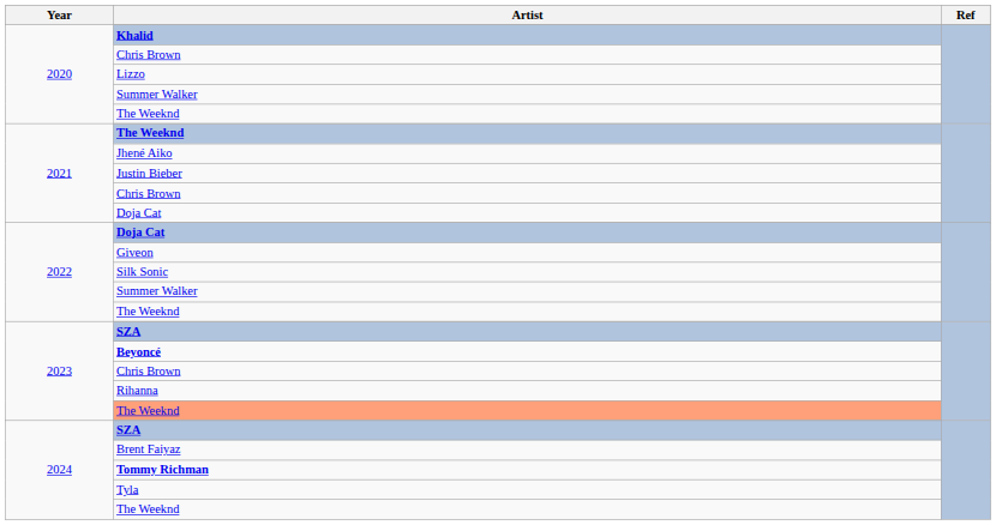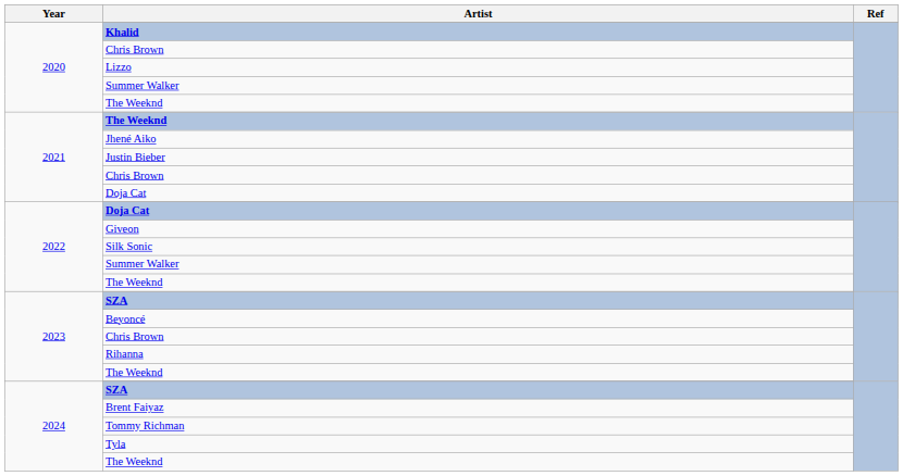 <table class="wikitable" style="width:100%;">
 <tr style="background:#bebebe;">
 <th style="width:11%;">Year</th>
 <th style="width:84%;">Artist</th>
 <th style="width:5%;">Ref</th>
 </tr>
 <tr>
 <td rowspan="6" align="center"><a href='#'>2020</a></td>
 </tr>
 <tr style="background:#B0C4DE">
 <td><strong><a href='#'>Khalid</a></strong></td>
 <td rowspan="6" align="center"></td>
 </tr>
 <tr>
 <td><a href='#'>Chris Brown</a></td>
 </tr>
 <tr>
 <td><a href='#'>Lizzo</a></td>
 </tr>
 <tr>
 <td><a href='#'>Summer Walker</a></td>
 </tr>
 <tr>
 <td><a href='#'>The Weeknd</a></td>
 </tr>
 <tr>
 <td rowspan="6" align="center"><a href='#'>2021</a></td>
 </tr>
 <tr style="background:#B0C4DE">
 <td><strong><a href='#'>The Weeknd</a></strong></td>
 <td rowspan="6" align="center"></td>
 </tr>
 <tr>
 <td><a href='#'>Jhené Aiko</a></td>
 </tr>
 <tr>
 <td><a href='#'>Justin Bieber</a></td>
 </tr>
 <tr>
 <td><a href='#'>Chris Brown</a></td>
 </tr>
 <tr>
 <td><a href='#'>Doja Cat</a></td>
 </tr>
 <tr>
 <td rowspan="6" align="center"><a href='#'>2022</a></td>
 </tr>
 <tr style="background:#B0C4DE">
 <td><strong><a href='#'>Doja Cat</a></strong></td>
 <td rowspan="6" align="center"></td>
 </tr>
 <tr>
 <td><a href='#'>Giveon</a></td>
 </tr>
 <tr>
 <td><a href='#'>Silk Sonic</a></td>
 </tr>
 <tr>
 <td><a href='#'>Summer Walker</a></td>
 </tr>
 <tr>
 <td><a href='#'>The Weeknd</a></td>
 </tr>
 <tr>
 <td rowspan="6" align="center"><a href='#'>2023</a></td>
 </tr>
 <tr style="background:#B0C4DE">
 <td><strong><a href='#'>SZA</a></strong></td>
 <td rowspan="6" align="center"></td>
 </tr>
 <tr>
-<td><strong><a href='#'>Beyoncé</a></strong></td>
+<td><a href='#'>Beyoncé</a></td>
 </tr>
 <tr>
 <td><a href='#'>Chris Brown</a></td>
 </tr>
 <tr>
 <td><a href='#'>Rihanna</a></td>
 </tr>
 <tr>
-<td style="background: lightsalmon;"><a href='#'>The Weeknd</a></td>
+<td><a href='#'>The Weeknd</a></td>
 </tr>
 <tr>
 <td rowspan="6" align="center"><a href='#'>2024</a></td>
 </tr>
 <tr style="background:#B0C4DE">
 <td><strong><a href='#'>SZA</a></strong></td>
 <td rowspan="6" align="center"></td>
 </tr>
 <tr>
 <td><a href='#'>Brent Faiyaz</a></td>
 </tr>
 <tr>
-<td><strong><a href='#'>Tommy Richman</a></strong></td>
+<td><a href='#'>Tommy Richman</a></td>
 </tr>
 <tr>
 <td><a href='#'>Tyla</a></td>
 </tr>
 <tr>
 <td><a href='#'>The Weeknd</a></td>
 </tr>
 </table>
